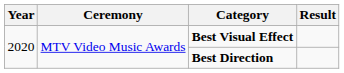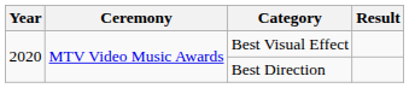 <table class="wikitable">
 <tr>
 <th>Year</th>
 <th>Ceremony</th>
 <th>Category</th>
 <th>Result</th>
 </tr>
 <tr>
 <td rowspan="2">2020</td>
 <td rowspan="2"><a href='#'>MTV Video Music Awards</a></td>
-<td><strong>Best Visual Effect</strong></td>
+<td>Best Visual Effect</td>
 <td></td>
 </tr>
 <tr>
-<td><strong>Best Direction</strong></td>
+<td>Best Direction</td>
 <td></td>
 </tr>
 </table>
